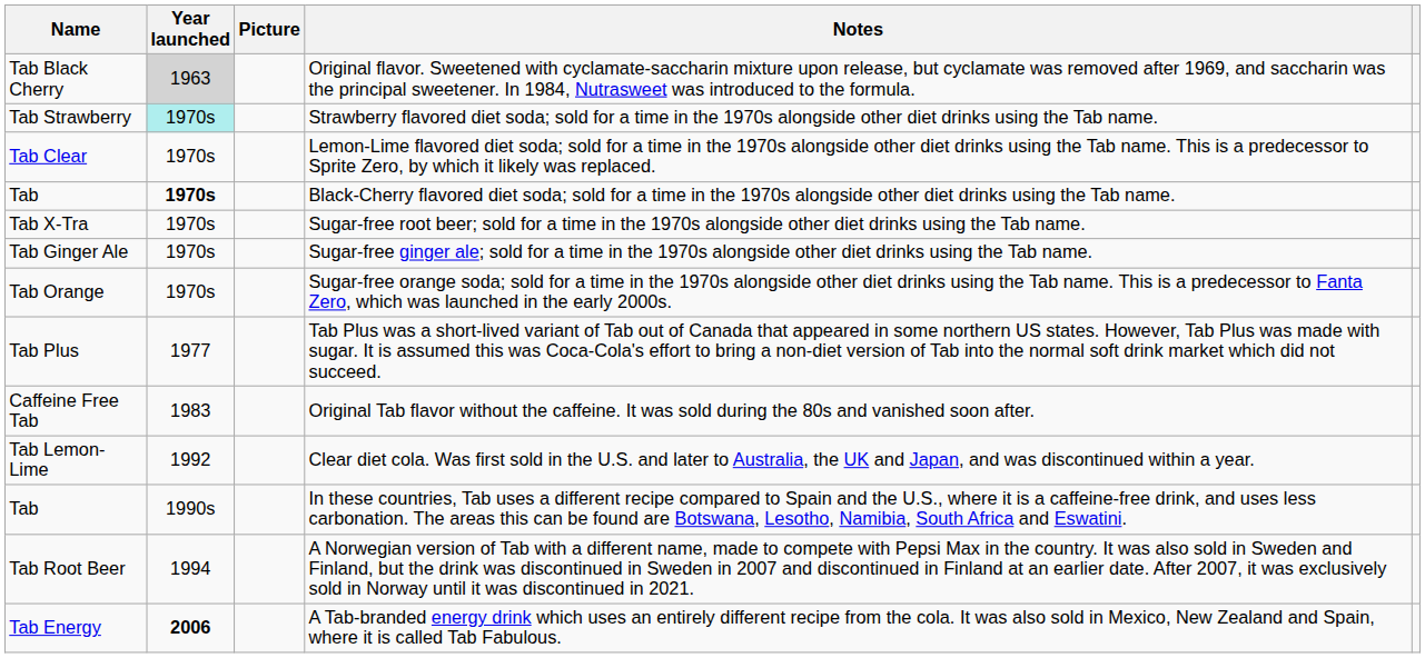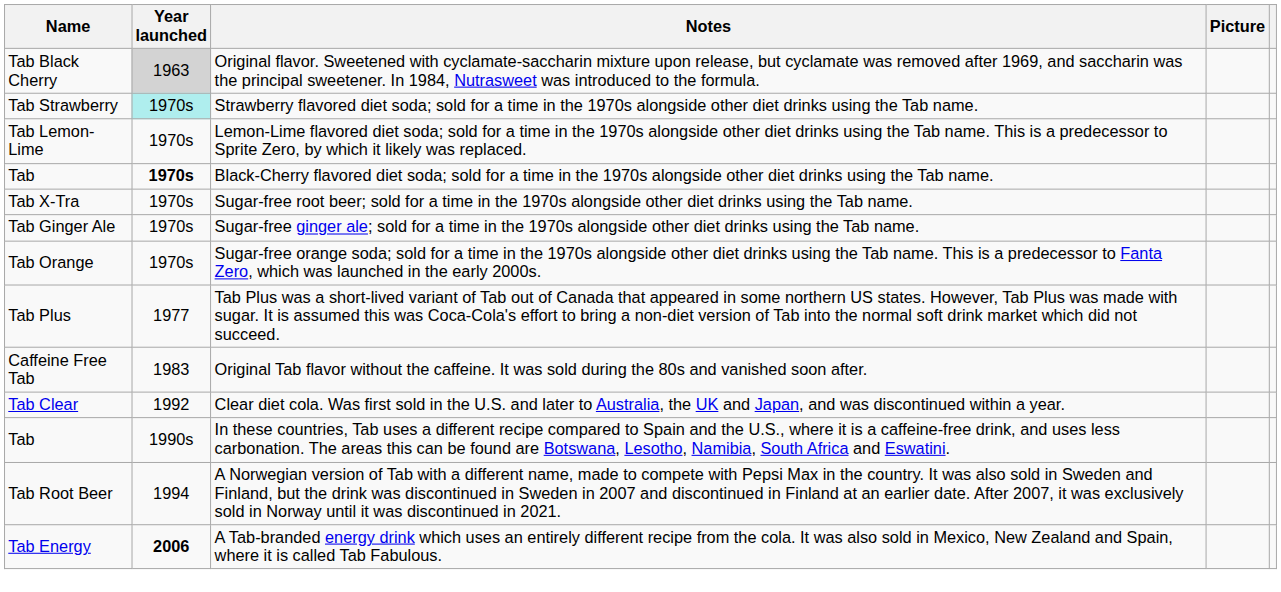 <table class="wikitable sortable">
 <tr>
 <th style="width:10%">Name</th>
 <th>Year<br>launched</th>
+<th>Notes</th>
 <th>Picture</th>
-<th>Notes</th>
 <th class="unsortable"></th>
 </tr>
 <tr>
 <td>Tab Black Cherry</td>
 <td style="background: lightgrey; text-align:center;">1963</td>
+<td>Original flavor. Sweetened with cyclamate-saccharin mixture upon release, but cyclamate was removed after 1969, and saccharin was the principal sweetener. In 1984, <a href='#'>Nutrasweet</a> was introduced to the formula.</td>
 <td></td>
-<td>Original flavor. Sweetened with cyclamate-saccharin mixture upon release, but cyclamate was removed after 1969, and saccharin was the principal sweetener. In 1984, <a href='#'>Nutrasweet</a> was introduced to the formula.</td>
 <td align=center></td>
 </tr>
 <tr>
 <td>Tab Strawberry</td>
 <td style="background: paleturquoise; text-align:center;">1970s</td>
+<td>Strawberry flavored diet soda; sold for a time in the 1970s alongside other diet drinks using the Tab name.</td>
 <td></td>
-<td>Strawberry flavored diet soda; sold for a time in the 1970s alongside other diet drinks using the Tab name.</td>
 <td align=center></td>
 </tr>
 <tr>
-<td><a href='#'>Tab Clear</a></td>
+<td>Tab Lemon-Lime</td>
 <td style="text-align:center;">1970s</td>
+<td>Lemon-Lime flavored diet soda; sold for a time in the 1970s alongside other diet drinks using the Tab name. This is a predecessor to Sprite Zero, by which it likely was replaced.</td>
 <td></td>
-<td>Lemon-Lime flavored diet soda; sold for a time in the 1970s alongside other diet drinks using the Tab name. This is a predecessor to Sprite Zero, by which it likely was replaced.</td>
 <td align=center></td>
 </tr>
 <tr>
 <td>Tab</td>
 <td style="text-align:center;"><strong>1970s</strong></td>
+<td>Black-Cherry flavored diet soda; sold for a time in the 1970s alongside other diet drinks using the Tab name.</td>
 <td></td>
-<td>Black-Cherry flavored diet soda; sold for a time in the 1970s alongside other diet drinks using the Tab name.</td>
 <td align=center></td>
 </tr>
 <tr>
 <td>Tab X-Tra</td>
 <td style="text-align:center;">1970s</td>
+<td>Sugar-free root beer; sold for a time in the 1970s alongside other diet drinks using the Tab name.</td>
 <td></td>
-<td>Sugar-free root beer; sold for a time in the 1970s alongside other diet drinks using the Tab name.</td>
 <td align=center></td>
 </tr>
 <tr>
 <td>Tab Ginger Ale</td>
 <td style="text-align:center;">1970s</td>
+<td>Sugar-free <a href='#'>ginger ale</a>; sold for a time in the 1970s alongside other diet drinks using the Tab name.</td>
 <td></td>
-<td>Sugar-free <a href='#'>ginger ale</a>; sold for a time in the 1970s alongside other diet drinks using the Tab name.</td>
 <td align=center></td>
 </tr>
 <tr>
 <td>Tab Orange</td>
 <td style="text-align:center;">1970s</td>
+<td>Sugar-free orange soda; sold for a time in the 1970s alongside other diet drinks using the Tab name. This is a predecessor to <a href='#'>Fanta Zero</a>, which was launched in the early 2000s.</td>
 <td></td>
-<td>Sugar-free orange soda; sold for a time in the 1970s alongside other diet drinks using the Tab name. This is a predecessor to <a href='#'>Fanta Zero</a>, which was launched in the early 2000s.</td>
 <td align=center></td>
 </tr>
 <tr>
 <td>Tab Plus</td>
 <td style="text-align:center;">1977</td>
+<td>Tab Plus was a short-lived variant of Tab out of Canada that appeared in some northern US states. However, Tab Plus was made with sugar. It is assumed this was Coca-Cola's effort to bring a non-diet version of Tab into the normal soft drink market which did not succeed.</td>
 <td></td>
-<td>Tab Plus was a short-lived variant of Tab out of Canada that appeared in some northern US states. However, Tab Plus was made with sugar. It is assumed this was Coca-Cola's effort to bring a non-diet version of Tab into the normal soft drink market which did not succeed.</td>
 <td align=center></td>
 </tr>
 <tr>
 <td>Caffeine Free Tab</td>
 <td style="text-align:center;">1983</td>
+<td>Original Tab flavor without the caffeine. It was sold during the 80s and vanished soon after.</td>
 <td></td>
-<td>Original Tab flavor without the caffeine. It was sold during the 80s and vanished soon after.</td>
 <td align=center></td>
 </tr>
 <tr>
-<td>Tab Lemon-Lime</td>
+<td><a href='#'>Tab Clear</a></td>
 <td style="text-align:center;">1992</td>
+<td>Clear diet cola. Was first sold in the U.S. and later to <a href='#'>Australia</a>, the <a href='#'>UK</a> and <a href='#'>Japan</a>, and was discontinued within a year.</td>
 <td></td>
-<td>Clear diet cola. Was first sold in the U.S. and later to <a href='#'>Australia</a>, the <a href='#'>UK</a> and <a href='#'>Japan</a>, and was discontinued within a year.</td>
 <td align=center></td>
 </tr>
 <tr>
 <td>Tab </td>
 <td style="text-align:center;">1990s</td>
+<td>In these countries, Tab uses a different recipe compared to Spain and the U.S., where it is a caffeine-free drink, and uses less carbonation. The areas this can be found are <a href='#'>Botswana</a>, <a href='#'>Lesotho</a>, <a href='#'>Namibia</a>, <a href='#'>South Africa</a> and <a href='#'>Eswatini</a>.</td>
 <td></td>
-<td>In these countries, Tab uses a different recipe compared to Spain and the U.S., where it is a caffeine-free drink, and uses less carbonation. The areas this can be found are <a href='#'>Botswana</a>, <a href='#'>Lesotho</a>, <a href='#'>Namibia</a>, <a href='#'>South Africa</a> and <a href='#'>Eswatini</a>.</td>
 <td align=center></td>
 </tr>
 <tr>
 <td>Tab Root Beer</td>
 <td style="text-align:center;">1994</td>
+<td>A Norwegian version of Tab with a different name, made to compete with Pepsi Max in the country. It was also sold in Sweden and Finland, but the drink was discontinued in Sweden in 2007 and discontinued in Finland at an earlier date. After 2007, it was exclusively sold in Norway until it was discontinued in 2021.</td>
 <td></td>
-<td>A Norwegian version of Tab with a different name, made to compete with Pepsi Max in the country. It was also sold in Sweden and Finland, but the drink was discontinued in Sweden in 2007 and discontinued in Finland at an earlier date. After 2007, it was exclusively sold in Norway until it was discontinued in 2021.</td>
 <td align=center></td>
 </tr>
 <tr>
 <td><a href='#'>Tab Energy</a></td>
 <td style="text-align:center;"><strong>2006</strong></td>
+<td>A Tab-branded <a href='#'>energy drink</a> which uses an entirely different recipe from the cola. It was also sold in Mexico, New Zealand and Spain, where it is called Tab Fabulous.</td>
 <td></td>
-<td>A Tab-branded <a href='#'>energy drink</a> which uses an entirely different recipe from the cola. It was also sold in Mexico, New Zealand and Spain, where it is called Tab Fabulous.</td>
 <td align=center></td>
 </tr>
 </table>
